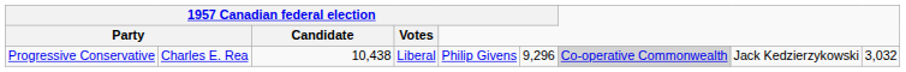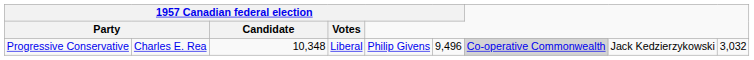 <table class="wikitable">
 <tr style="background:#e9e9e9;">
 <th colspan="6"><a href='#'>1957 Canadian federal election</a></th>
 </tr>
 <tr style="background:#e9e9e9;">
 <th colspan="2" style="width: 200px">Party</th>
 <th style="width: 170px">Candidate</th>
 <th style="width: 40px">Votes</th>
 </tr>
 <tr>
 <td><a href='#'>Progressive Conservative</a></td>
 <td><a href='#'>Charles E. Rea</a></td>
-<td align="right">10,438<br></td>
+<td align="right">10,348<br></td>
 <td><a href='#'>Liberal</a></td>
 <td><a href='#'>Philip Givens</a></td>
-<td align="right">9,296<br></td>
+<td align="right">9,496<br></td>
 <td style="background: lightgrey;"><a href='#'>Co-operative Commonwealth</a></td>
 <td>Jack Kedzierzykowski</td>
 <td align="right">3,032<br> </td>
 </tr>
 </table>
